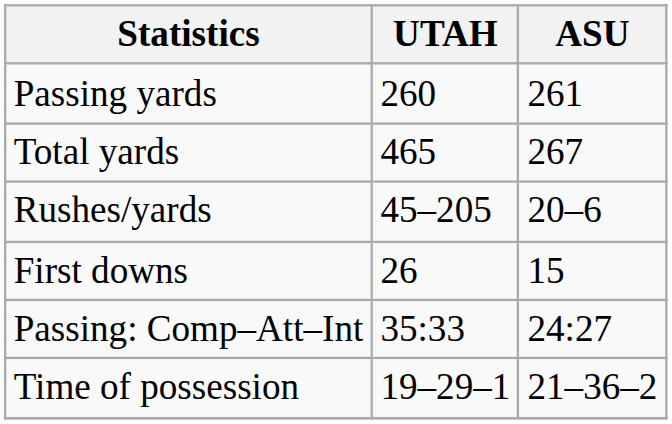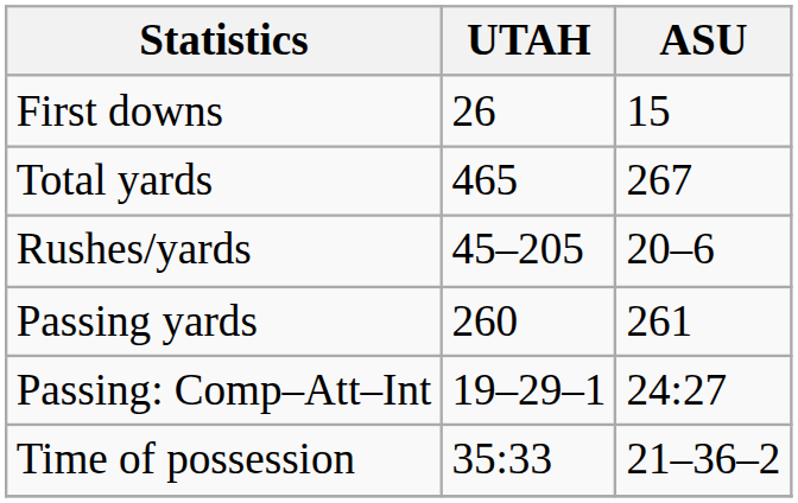 <table class="wikitable" style="float: left;">
 <tr>
 <th>Statistics</th>
 <th>UTAH</th>
 <th>ASU</th>
 </tr>
 <tr>
-<td>Passing yards</td>
-<td>260</td>
-<td>261</td>
+<td>First downs</td>
+<td>26</td>
+<td>15</td>
 </tr>
 <tr>
 <td>Total yards</td>
 <td>465</td>
 <td>267</td>
 </tr>
 <tr>
 <td>Rushes/yards</td>
 <td>45–205</td>
 <td>20–6</td>
 </tr>
 <tr>
-<td>First downs</td>
-<td>26</td>
-<td>15</td>
+<td>Passing yards</td>
+<td>260</td>
+<td>261</td>
 </tr>
 <tr>
 <td>Passing: Comp–Att–Int</td>
-<td>35:33</td>
+<td>19–29–1</td>
 <td>24:27</td>
 </tr>
 <tr>
 <td>Time of possession</td>
-<td>19–29–1</td>
+<td>35:33</td>
 <td>21–36–2</td>
 </tr>
 <tr>
 </tr>
 </table>
